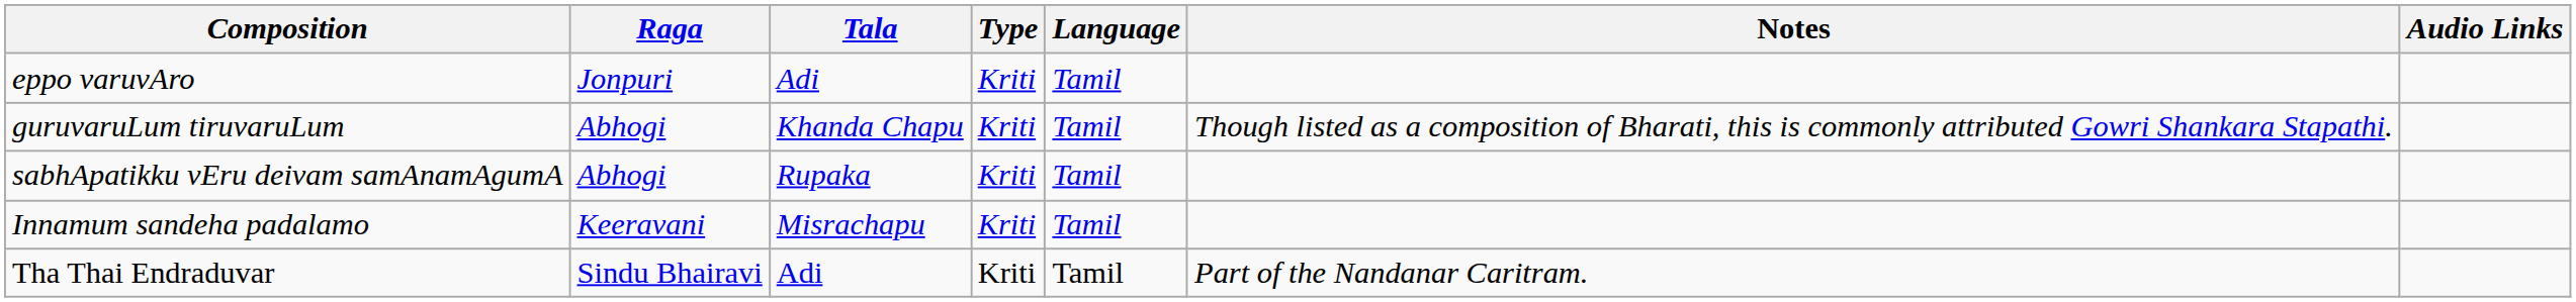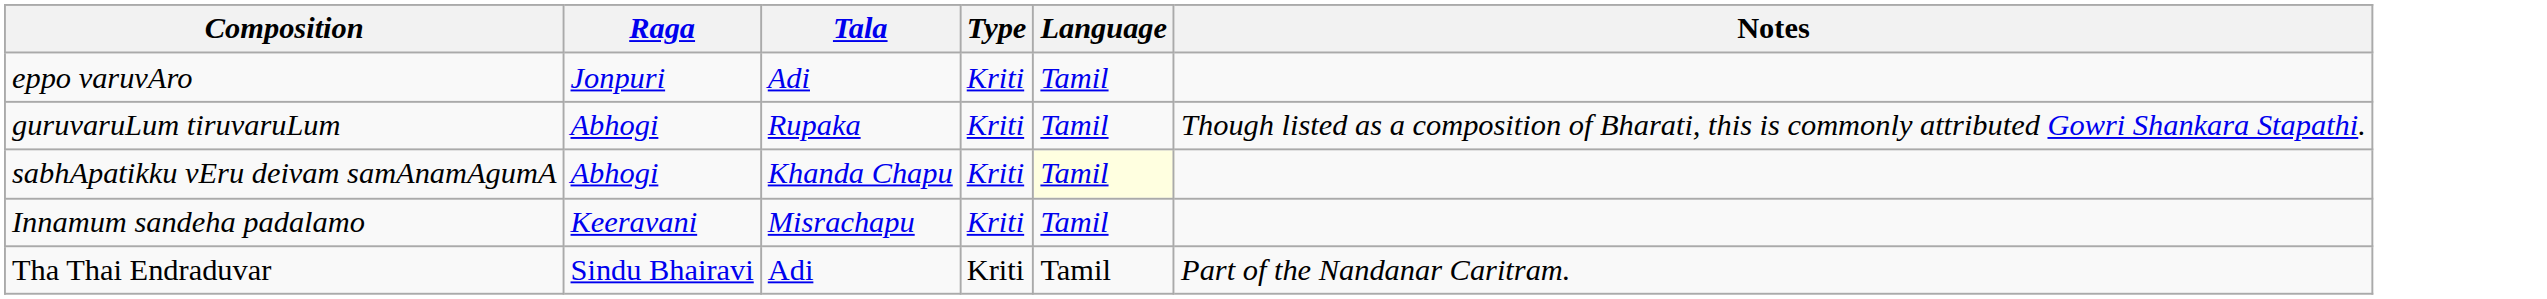 <table class="wikitable sortable mw-collapsible">
 <tr>
 <th><em>Composition</em></th>
 <th><em><a href='#'>Raga</a></em></th>
 <th><em><a href='#'>Tala</a></em></th>
 <th><em>Type</em></th>
 <th><em>Language</em></th>
 <th>Notes</th>
-<th><em>Audio Links</em></th>
 </tr>
 <tr>
 <td><em>eppo varuvAro</em></td>
 <td><em><a href='#'>Jonpuri</a></em></td>
 <td><em><a href='#'>Adi</a></em></td>
 <td><em><a href='#'>Kriti</a></em></td>
 <td><em><a href='#'>Tamil</a></em></td>
 <td></td>
-<td><em></em></td>
 </tr>
 <tr>
 <td><em>guruvaruLum tiruvaruLum</em></td>
 <td><em><a href='#'>Abhogi</a></em></td>
-<td><em><a href='#'>Khanda Chapu</a></em></td>
+<td><em><a href='#'>Rupaka</a></em></td>
 <td><em><a href='#'>Kriti</a></em></td>
 <td><em><a href='#'>Tamil</a></em></td>
 <td><em> Though listed as a composition of Bharati, this is commonly attributed <a href='#'>Gowri Shankara Stapathi</a>.</em></td>
-<td><em></em></td>
 </tr>
 <tr>
 <td><em>sabhApatikku vEru deivam samAnamAgumA</em></td>
 <td><em><a href='#'>Abhogi</a></em></td>
-<td><em><a href='#'>Rupaka</a></em></td>
+<td><em><a href='#'>Khanda Chapu</a></em></td>
 <td><em><a href='#'>Kriti</a></em></td>
-<td><em><a href='#'>Tamil</a></em></td>
+<td style="background: lightyellow;"><em><a href='#'>Tamil</a></em></td>
 <td></td>
-<td><br> </td>
 </tr>
 <tr>
 <td><em>Innamum sandeha padalamo</em></td>
 <td><em><a href='#'>Keeravani</a></em></td>
 <td><em><a href='#'>Misrachapu</a></em></td>
 <td><em><a href='#'>Kriti</a></em></td>
 <td><em><a href='#'>Tamil</a></em></td>
-<td></td>
 <td></td>
 </tr>
 <tr>
 <td>Tha Thai Endraduvar</td>
 <td><a href='#'>Sindu Bhairavi</a></td>
 <td><a href='#'>Adi</a></td>
 <td>Kriti</td>
 <td>Tamil</td>
 <td><em>Part of the Nandanar Caritram.</em></td>
-<td></td>
 </tr>
 </table>
